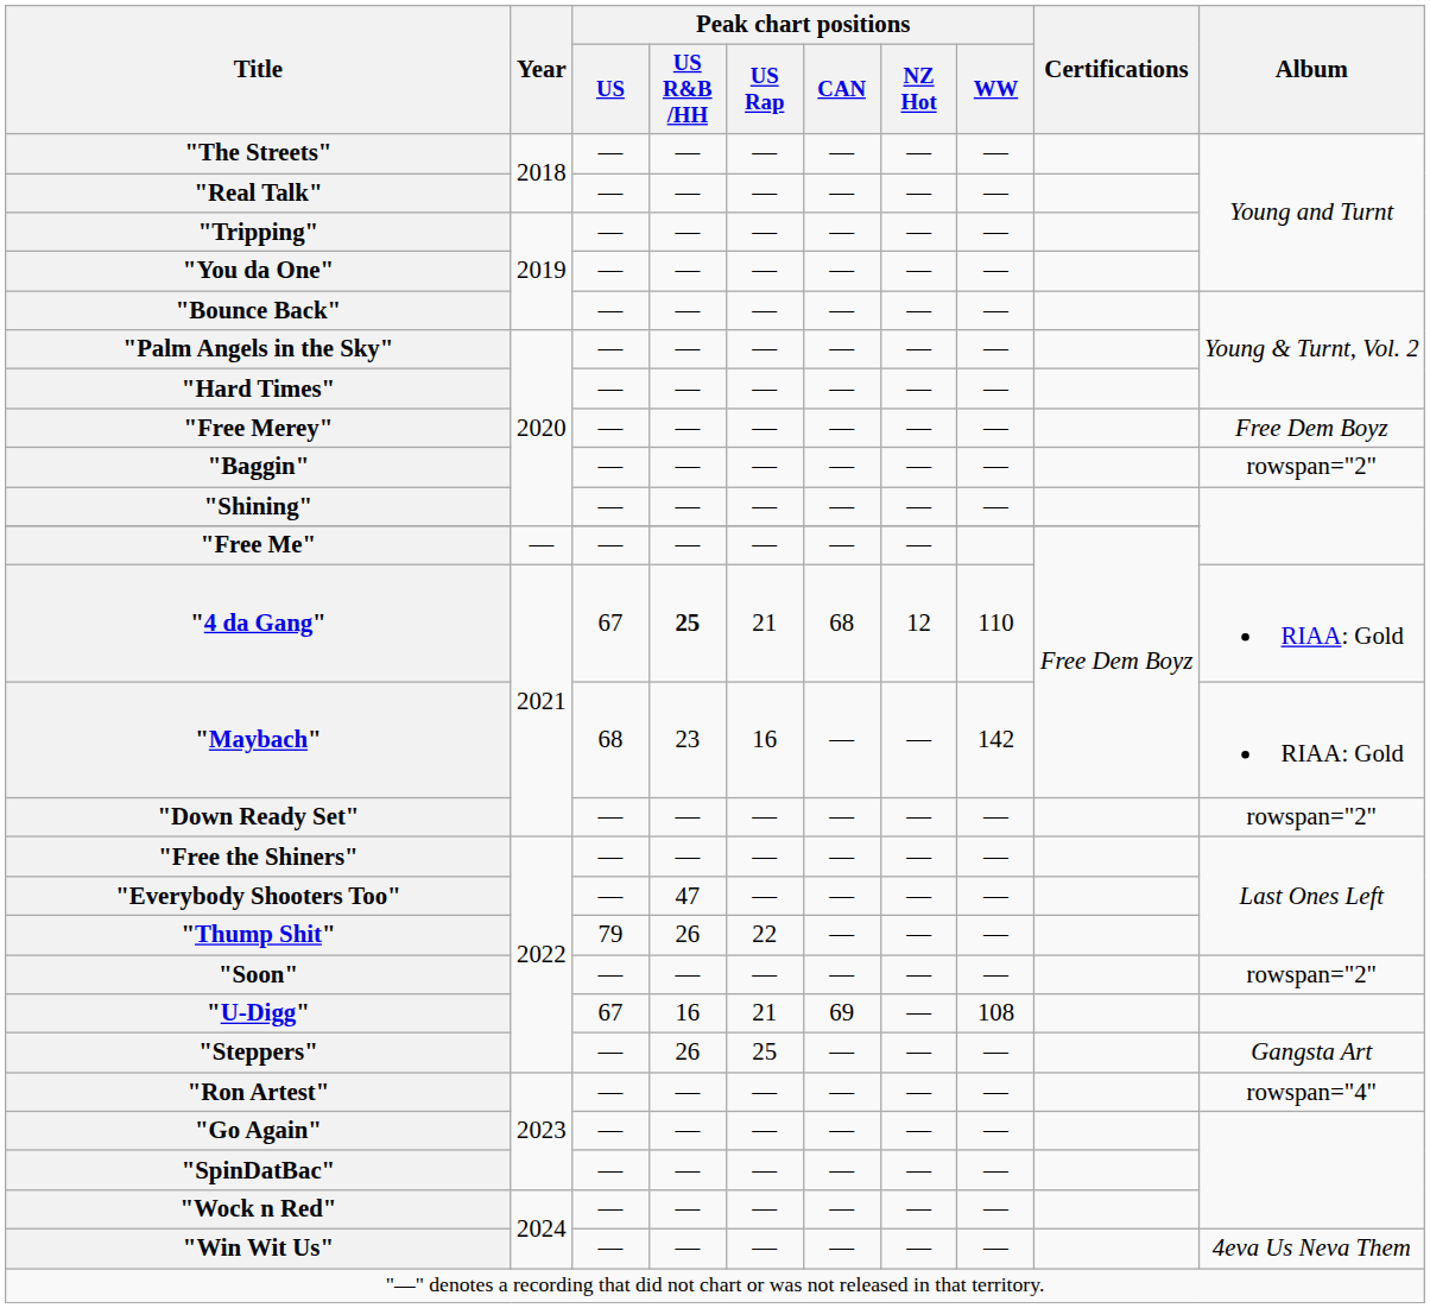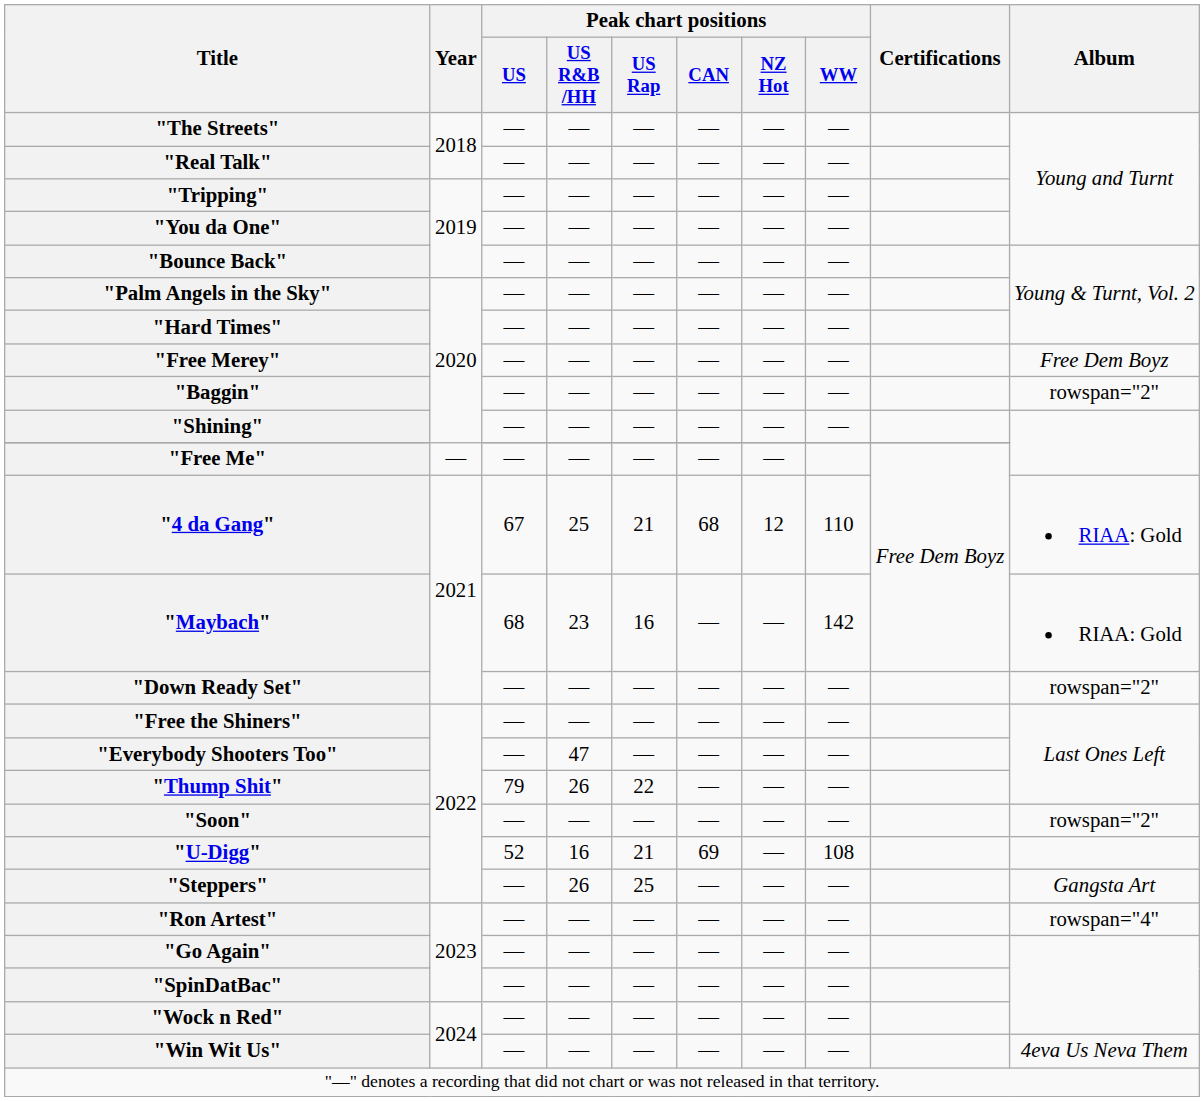 <table class="wikitable plainrowheaders" style="text-align:center;">
 <tr>
 <th scope="col" rowspan="2" style="width:20em">Title</th>
 <th scope="col" rowspan="2">Year</th>
 <th scope="col" colspan="6">Peak chart positions</th>
 <th scope="col" rowspan="2">Certifications</th>
 <th scope="col" rowspan="2">Album</th>
 </tr>
 <tr>
 <th scope="col" style="width:3em;font-size:90%;"><a href='#'>US</a><br></th>
 <th scope="col" style="width:3em;font-size:90%;"><a href='#'>US<br>R&B<br>/HH</a><br></th>
 <th scope="col" style="width:3em;font-size:90%;"><a href='#'>US<br>Rap</a><br></th>
 <th scope="col" style="width:3em;font-size:90%;"><a href='#'>CAN</a><br></th>
 <th scope="col" style="width:3em;font-size:90%;"><a href='#'>NZ<br>Hot</a><br></th>
 <th scope="col" style="width:3em;font-size:90%;"><a href='#'>WW</a><br></th>
 </tr>
 <tr>
 <th scope="row">"The Streets"<br></th>
 <td rowspan="2">2018</td>
 <td>—</td>
 <td>—</td>
 <td>—</td>
 <td>—</td>
 <td>—</td>
 <td>—</td>
 <td></td>
 <td rowspan="4"><em>Young and Turnt</em></td>
 </tr>
 <tr>
 <th scope="row">"Real Talk"</th>
 <td>—</td>
 <td>—</td>
 <td>—</td>
 <td>—</td>
 <td>—</td>
 <td>—</td>
 <td></td>
 </tr>
 <tr>
 <th scope="row">"Tripping"</th>
 <td rowspan="3">2019</td>
 <td>—</td>
 <td>—</td>
 <td>—</td>
 <td>—</td>
 <td>—</td>
 <td>—</td>
 <td></td>
 </tr>
 <tr>
 <th scope="row">"You da One"<br></th>
 <td>—</td>
 <td>—</td>
 <td>—</td>
 <td>—</td>
 <td>—</td>
 <td>—</td>
 <td></td>
 </tr>
 <tr>
 <th scope="row">"Bounce Back"<br></th>
 <td>—</td>
 <td>—</td>
 <td>—</td>
 <td>—</td>
 <td>—</td>
 <td>—</td>
 <td></td>
 <td rowspan="3"><em>Young & Turnt, Vol. 2</em></td>
 </tr>
 <tr>
 <th scope="row">"Palm Angels in the Sky"</th>
 <td rowspan="6">2020</td>
 <td>—</td>
 <td>—</td>
 <td>—</td>
 <td>—</td>
 <td>—</td>
 <td>—</td>
 <td></td>
 </tr>
 <tr>
 <th scope="row">"Hard Times"</th>
 <td>—</td>
 <td>—</td>
 <td>—</td>
 <td>—</td>
 <td>—</td>
 <td>—</td>
 <td></td>
 </tr>
 <tr>
 <th scope="row">"Free Merey"</th>
 <td>—</td>
 <td>—</td>
 <td>—</td>
 <td>—</td>
 <td>—</td>
 <td>—</td>
 <td></td>
 <td><em>Free Dem Boyz</em></td>
 </tr>
 <tr>
 <th scope="row">"Baggin"<br></th>
 <td>—</td>
 <td>—</td>
 <td>—</td>
 <td>—</td>
 <td>—</td>
 <td>—</td>
 <td></td>
 <td>rowspan="2" </td>
 </tr>
 <tr>
 <th scope="row">"Shining"<br></th>
 <td>—</td>
 <td>—</td>
 <td>—</td>
 <td>—</td>
 <td>—</td>
 <td>—</td>
 <td></td>
 </tr>
 <tr>
 </tr>
 <tr>
 <th scope="row">"Free Me"</th>
 <td>—</td>
 <td>—</td>
 <td>—</td>
 <td>—</td>
 <td>—</td>
 <td>—</td>
 <td></td>
 <td rowspan="3"><em>Free Dem Boyz</em></td>
 </tr>
 <tr>
 <th scope="row">"<a href='#'>4 da Gang</a>"<br></th>
 <td rowspan="3">2021</td>
 <td>67</td>
-<td><strong>25</strong></td>
+<td>25</td>
 <td>21</td>
 <td>68</td>
 <td>12</td>
 <td>110</td>
 <td><br><ul><li><a href='#'>RIAA</a>: Gold</li></ul></td>
 </tr>
 <tr>
 <th scope="row">"<a href='#'>Maybach</a>"<br></th>
 <td>68</td>
 <td>23</td>
 <td>16</td>
 <td>—</td>
 <td>—</td>
 <td>142</td>
 <td><br><ul><li>RIAA: Gold</li></ul></td>
 </tr>
 <tr>
 <th scope="row">"Down Ready Set"</th>
 <td>—</td>
 <td>—</td>
 <td>—</td>
 <td>—</td>
 <td>—</td>
 <td>—</td>
 <td></td>
 <td>rowspan="2" </td>
 </tr>
 <tr>
 <th scope="row">"Free the Shiners"<br></th>
 <td rowspan="6">2022</td>
 <td>—</td>
 <td>—</td>
 <td>—</td>
 <td>—</td>
 <td>—</td>
 <td>—</td>
 <td></td>
 <td rowspan="3"><em>Last Ones Left</em></td>
 </tr>
 <tr>
 <th scope="row">"Everybody Shooters Too"<br></th>
 <td>—</td>
 <td>47</td>
 <td>—</td>
 <td>—</td>
 <td>—</td>
 <td>—</td>
 </tr>
 <tr>
 <th scope="row">"<a href='#'>Thump Shit</a>"<br></th>
 <td>79</td>
 <td>26</td>
 <td>22</td>
 <td>—</td>
 <td>—</td>
 <td>—</td>
 <td></td>
 </tr>
 <tr>
 <th scope="row">"Soon"<br></th>
 <td>—</td>
 <td>—</td>
 <td>—</td>
 <td>—</td>
 <td>—</td>
 <td>—</td>
 <td></td>
 <td>rowspan="2" </td>
 </tr>
 <tr>
 <th scope="row">"<a href='#'>U-Digg</a>"<br></th>
-<td>67</td>
+<td>52</td>
 <td>16</td>
 <td>21</td>
 <td>69</td>
 <td>—</td>
 <td>108</td>
 <td></td>
 </tr>
 <tr>
 <th scope="row">"Steppers"<br></th>
 <td>—</td>
 <td>26</td>
 <td>25</td>
 <td>—</td>
 <td>—</td>
 <td>—</td>
 <td></td>
 <td><em>Gangsta Art</em></td>
 </tr>
 <tr>
 <th scope="row">"Ron Artest"<br></th>
 <td rowspan="3">2023</td>
 <td>—</td>
 <td>—</td>
 <td>—</td>
 <td>—</td>
 <td>—</td>
 <td>—</td>
 <td></td>
 <td>rowspan="4" </td>
 </tr>
 <tr>
 <th scope="row">"Go Again"</th>
 <td>—</td>
 <td>—</td>
 <td>—</td>
 <td>—</td>
 <td>—</td>
 <td>—</td>
 <td></td>
 </tr>
 <tr>
 <th scope="row">"SpinDatBac"</th>
 <td>—</td>
 <td>—</td>
 <td>—</td>
 <td>—</td>
 <td>—</td>
 <td>—</td>
 <td></td>
 </tr>
 <tr>
 <th scope="row">"Wock n Red"</th>
 <td rowspan="2">2024</td>
 <td>—</td>
 <td>—</td>
 <td>—</td>
 <td>—</td>
 <td>—</td>
 <td>—</td>
 <td></td>
 </tr>
 <tr>
 <th scope="row">"Win Wit Us"</th>
 <td>—</td>
 <td>—</td>
 <td>—</td>
 <td>—</td>
 <td>—</td>
 <td>—</td>
 <td></td>
 <td><em>4eva Us Neva Them</em></td>
 </tr>
 <tr>
 <td colspan="12" style="font-size:85%">"—" denotes a recording that did not chart or was not released in that territory.</td>
 </tr>
 </table>
